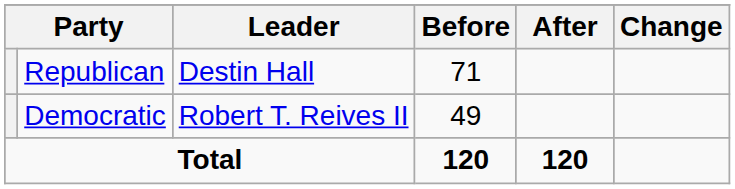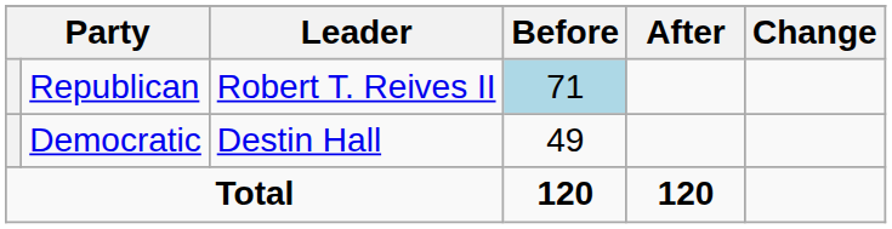 <table class="wikitable" style="text-align:center;">
 <tr>
 </tr>
 <tr>
 <th colspan="2">Party</th>
 <th>Leader</th>
 <th style="width:3em">Before</th>
 <th style="width:3em">After</th>
 <th style="width:3em">Change</th>
 </tr>
 <tr>
 <th style="background-color:"></th>
 <td style="text-align:left;"><a href='#'>Republican</a></td>
-<td style="text-align:left;"><a href='#'>Destin Hall</a></td>
-<td>71</td>
+<td style="text-align:left;"><a href='#'>Robert T. Reives II</a></td>
+<td style="background: lightblue;">71</td>
 <td></td>
 <td></td>
 </tr>
 <tr>
 <th style="background-color:"></th>
 <td style="text-align:left;"><a href='#'>Democratic</a></td>
-<td style="text-align:left;"><a href='#'>Robert T. Reives II</a></td>
+<td style="text-align:left;"><a href='#'>Destin Hall</a></td>
 <td>49</td>
 <td></td>
 <td></td>
 </tr>
 <tr>
 <td colspan="3"><strong>Total</strong></td>
 <td><strong>120</strong></td>
 <td><strong>120</strong></td>
 <td></td>
 </tr>
 </table>
